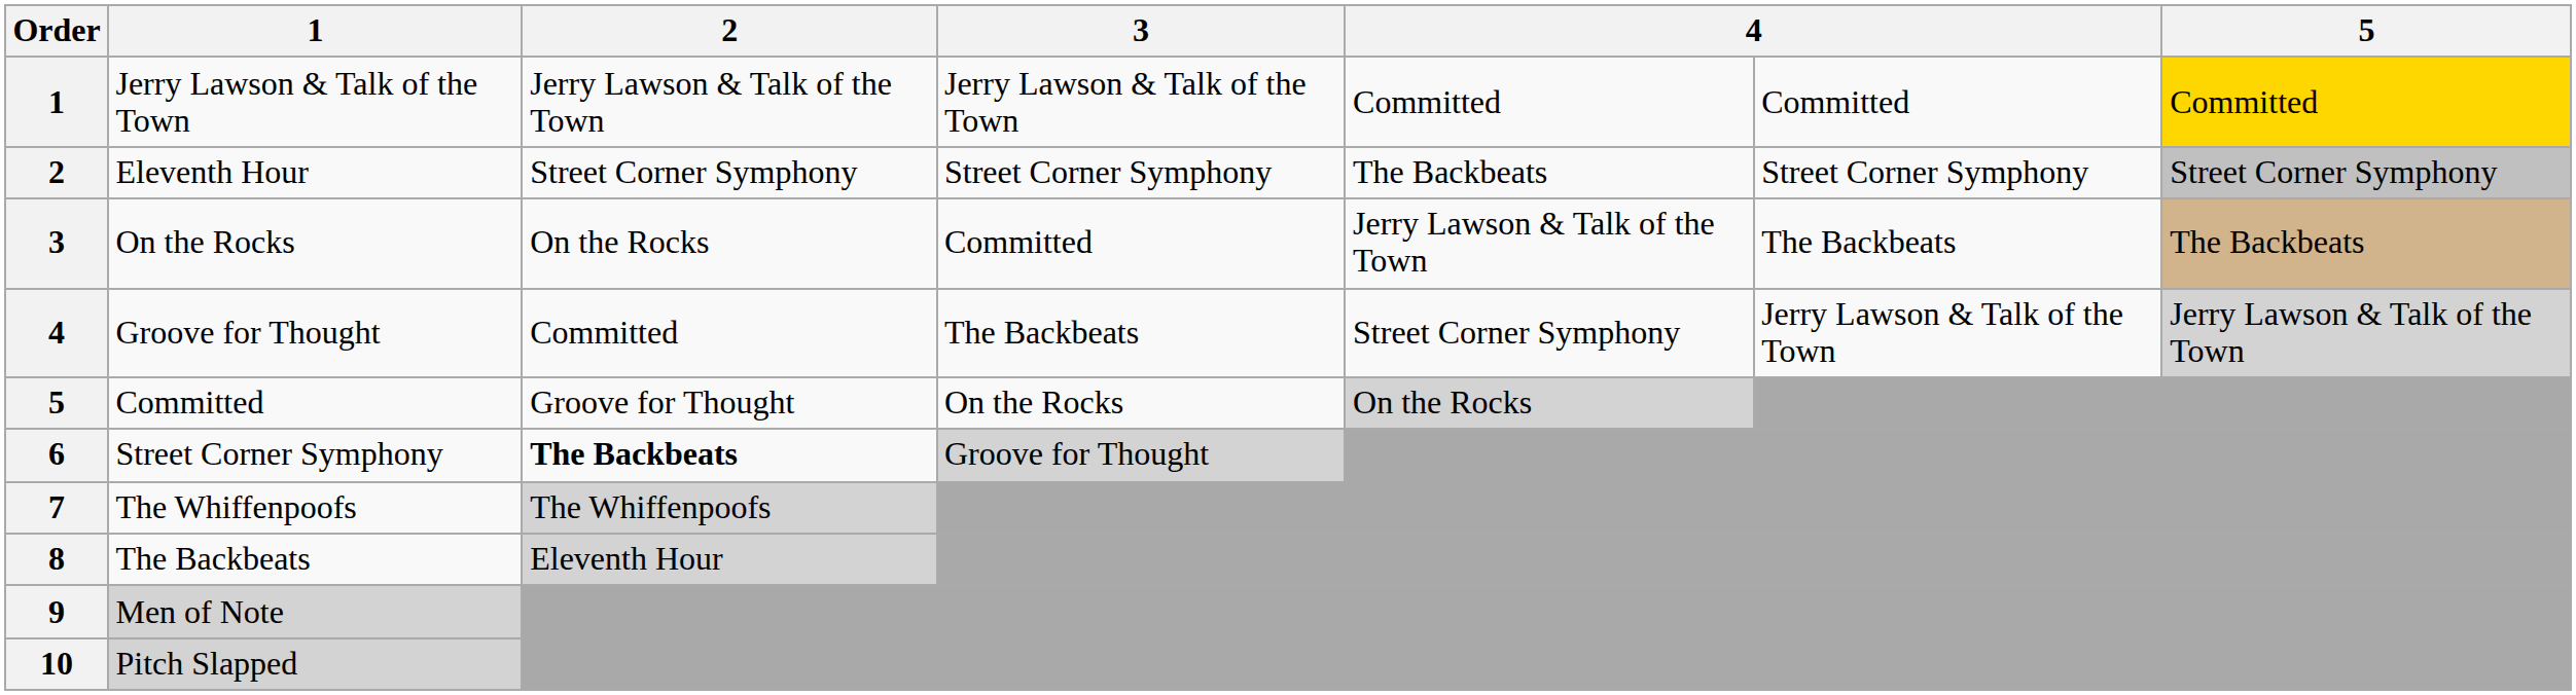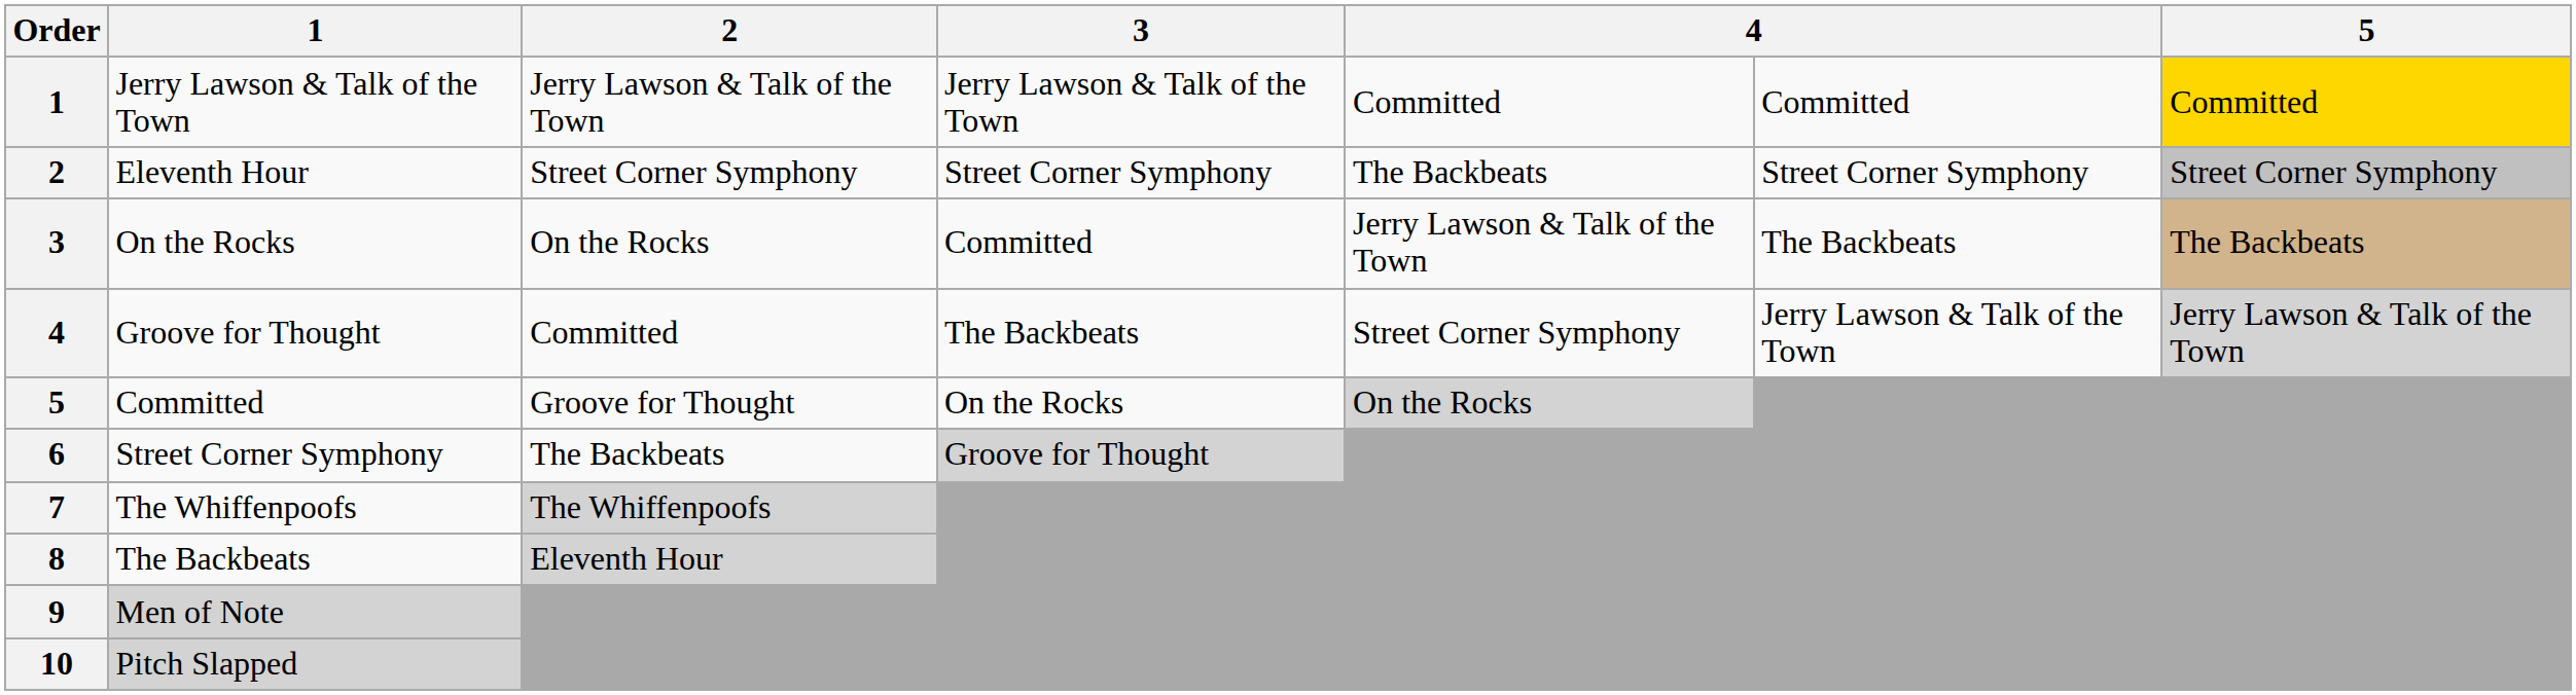 <table class="wikitable">
 <tr>
 <th>Order</th>
 <th>1</th>
 <th>2</th>
 <th>3</th>
 <th colspan=2>4</th>
 <th>5</th>
 </tr>
 <tr>
 <th>1</th>
 <td>Jerry Lawson & Talk of the Town</td>
 <td>Jerry Lawson & Talk of the Town</td>
 <td>Jerry Lawson & Talk of the Town</td>
 <td>Committed</td>
 <td>Committed</td>
 <td bgcolor="gold">Committed</td>
 </tr>
 <tr>
 <th>2</th>
 <td>Eleventh Hour</td>
 <td>Street Corner Symphony</td>
 <td>Street Corner Symphony</td>
 <td>The Backbeats</td>
 <td>Street Corner Symphony</td>
 <td bgcolor="silver">Street Corner Symphony</td>
 </tr>
 <tr>
 <th>3</th>
 <td>On the Rocks</td>
 <td>On the Rocks</td>
 <td>Committed</td>
 <td>Jerry Lawson & Talk of the Town</td>
 <td>The Backbeats</td>
 <td bgcolor="tan">The Backbeats</td>
 </tr>
 <tr>
 <th>4</th>
 <td>Groove for Thought</td>
 <td>Committed</td>
 <td>The Backbeats</td>
 <td>Street Corner Symphony</td>
 <td>Jerry Lawson & Talk of the Town</td>
 <td bgcolor="#D3D3D3">Jerry Lawson & Talk of the Town</td>
 </tr>
 <tr>
 <th>5</th>
 <td>Committed</td>
 <td>Groove for Thought</td>
 <td>On the Rocks</td>
 <td bgcolor="#D3D3D3">On the Rocks</td>
 <td bgcolor="darkgray" colspan=2></td>
 </tr>
 <tr>
 <th>6</th>
 <td>Street Corner Symphony</td>
-<td><strong>The Backbeats</strong></td>
+<td>The Backbeats</td>
 <td bgcolor="#D3D3D3">Groove for Thought</td>
 <td bgcolor="darkgray" colspan=3></td>
 </tr>
 <tr>
 <th>7</th>
 <td>The Whiffenpoofs</td>
 <td bgcolor="#D3D3D3">The Whiffenpoofs</td>
 <td bgcolor="darkgray" colspan=4></td>
 </tr>
 <tr>
 <th>8</th>
 <td>The Backbeats</td>
 <td bgcolor="#D3D3D3">Eleventh Hour</td>
 <td bgcolor="darkgray" colspan=4></td>
 </tr>
 <tr>
 <th>9</th>
 <td bgcolor="#D3D3D3">Men of Note</td>
 <td bgcolor="darkgray" colspan=5></td>
 </tr>
 <tr>
 <th>10</th>
 <td bgcolor="#D3D3D3">Pitch Slapped</td>
 <td bgcolor="darkgray" colspan=5></td>
 </tr>
 </table>
